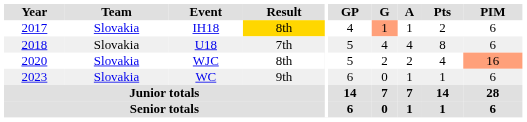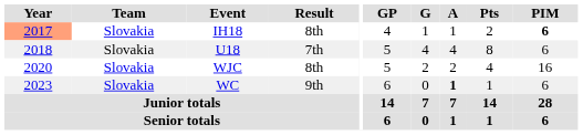 <table border="0" cellpadding="1" cellspacing="0" ID="Table3" style="text-align:center; width:40em;">
 <tr bgcolor="#e0e0e0">
 <th>Year</th>
 <th>Team</th>
 <th>Event</th>
 <th>Result</th>
 <th rowspan="100" bgcolor="#ffffff"></th>
 <th>GP</th>
 <th>G</th>
 <th>A</th>
 <th>Pts</th>
 <th>PIM</th>
 </tr>
 <tr>
-<td><a href='#'>2017</a></td>
+<td style="background: lightsalmon;"><a href='#'>2017</a></td>
 <td><a href='#'>Slovakia</a></td>
 <td><a href='#'>IH18</a></td>
-<td style="background: gold;">8th</td>
+<td>8th</td>
 <td>4</td>
-<td style="background: lightsalmon;">1</td>
+<td>1</td>
 <td>1</td>
 <td>2</td>
-<td>6</td>
+<td><strong>6</strong></td>
 </tr>
 <tr bgcolor="#f0f0f0">
 <td><a href='#'>2018</a></td>
 <td>Slovakia</td>
 <td><a href='#'>U18</a></td>
 <td>7th</td>
 <td>5</td>
 <td>4</td>
 <td>4</td>
 <td>8</td>
 <td>6</td>
 </tr>
 <tr>
 <td><a href='#'>2020</a></td>
 <td><a href='#'>Slovakia</a></td>
 <td><a href='#'>WJC</a></td>
 <td>8th</td>
 <td>5</td>
 <td>2</td>
 <td>2</td>
 <td>4</td>
-<td style="background: lightsalmon;">16</td>
+<td>16</td>
 </tr>
 <tr bgcolor="#f0f0f0">
 <td><a href='#'>2023</a></td>
 <td><a href='#'>Slovakia</a></td>
 <td><a href='#'>WC</a></td>
 <td>9th</td>
 <td>6</td>
 <td>0</td>
-<td>1</td>
+<td><strong>1</strong></td>
 <td>1</td>
 <td>6</td>
 </tr>
 <tr bgcolor="#e0e0e0">
 <th colspan="4">Junior totals</th>
 <th>14</th>
 <th>7</th>
 <th>7</th>
 <th>14</th>
 <th>28</th>
 </tr>
 <tr bgcolor="#e0e0e0">
 <th colspan="4">Senior totals</th>
 <th>6</th>
 <th>0</th>
 <th>1</th>
 <th>1</th>
 <th>6</th>
 </tr>
 </table>
